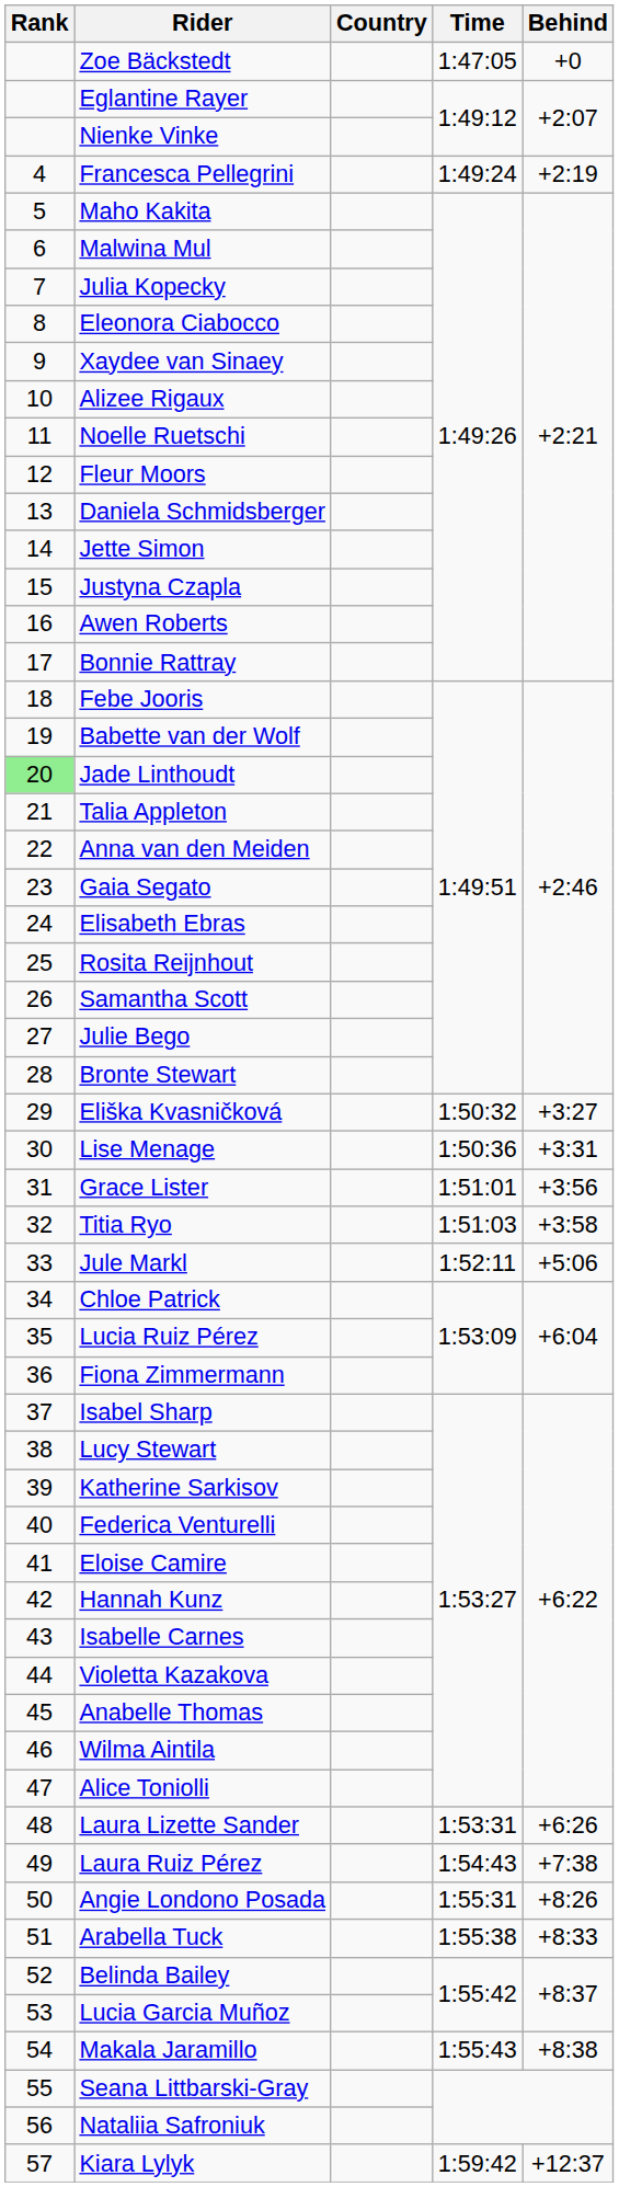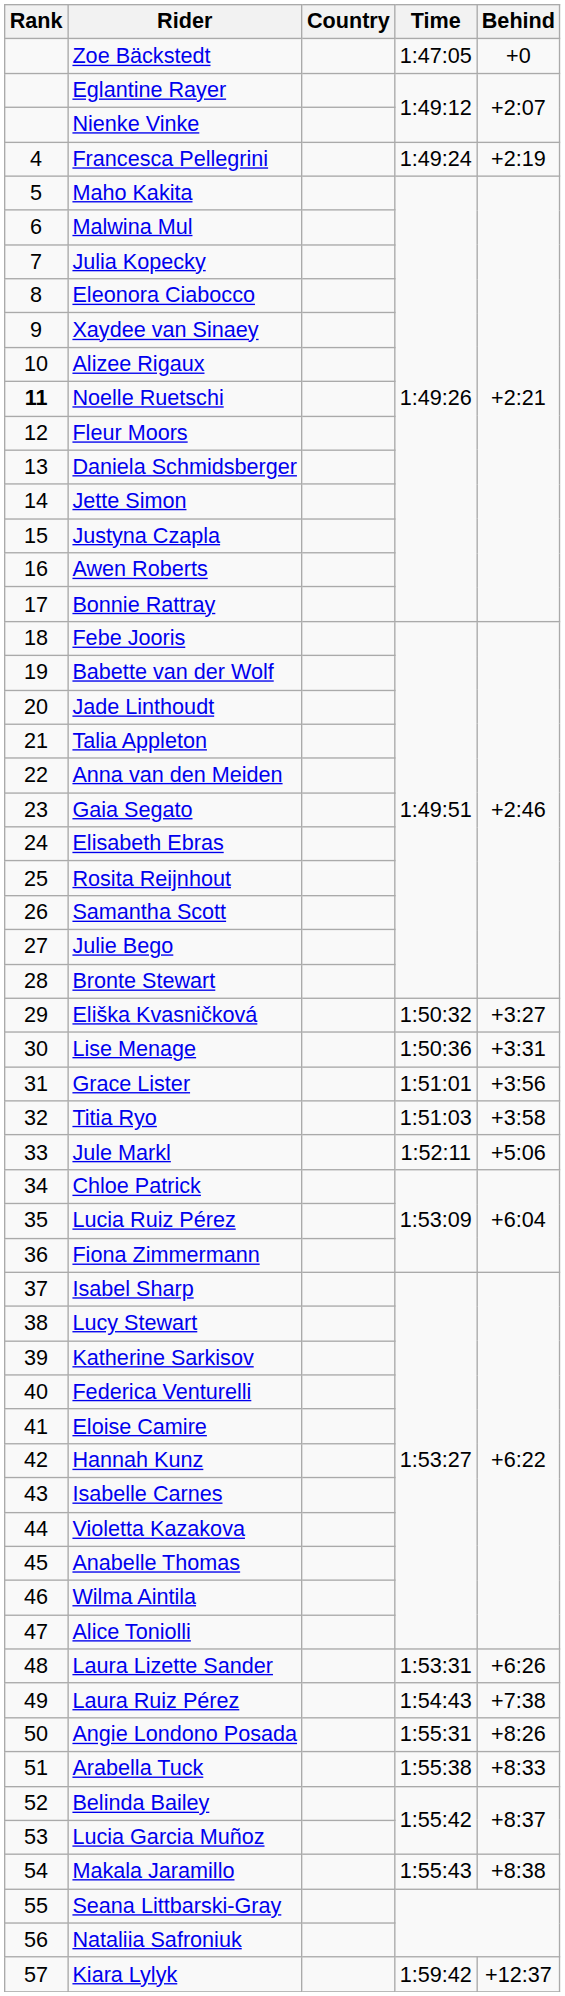 <table class="wikitable sortable" style="text-align: center"">
 <tr>
 <th>Rank</th>
 <th>Rider</th>
 <th>Country</th>
 <th>Time</th>
 <th>Behind</th>
 </tr>
 <tr>
 <td></td>
 <td align="left"><a href='#'>Zoe Bäckstedt</a></td>
 <td align="left"></td>
 <td>1:47:05</td>
 <td>+0</td>
 </tr>
 <tr>
 <td></td>
 <td align="left"><a href='#'>Eglantine Rayer</a></td>
 <td align="left"></td>
 <td rowspan=2>1:49:12</td>
 <td rowspan=2>+2:07</td>
 </tr>
 <tr>
 <td></td>
 <td align="left"><a href='#'>Nienke Vinke</a></td>
 <td align="left"></td>
 </tr>
 <tr>
 <td>4</td>
 <td align="left"><a href='#'>Francesca Pellegrini</a></td>
 <td align="left"></td>
 <td>1:49:24</td>
 <td>+2:19</td>
 </tr>
 <tr>
 <td>5</td>
 <td align="left"><a href='#'>Maho Kakita</a></td>
 <td align="left"></td>
 <td rowspan=13>1:49:26</td>
 <td rowspan=13>+2:21</td>
 </tr>
 <tr>
 <td>6</td>
 <td align="left"><a href='#'>Malwina Mul</a></td>
 <td align="left"></td>
 </tr>
 <tr>
 <td>7</td>
 <td align="left"><a href='#'>Julia Kopecky</a></td>
 <td align="left"></td>
 </tr>
 <tr>
 <td>8</td>
 <td align="left"><a href='#'>Eleonora Ciabocco</a></td>
 <td align="left"></td>
 </tr>
 <tr>
 <td>9</td>
 <td align="left"><a href='#'>Xaydee van Sinaey</a></td>
 <td align="left"></td>
 </tr>
 <tr>
 <td>10</td>
 <td align="left"><a href='#'>Alizee Rigaux</a></td>
 <td align="left"></td>
 </tr>
 <tr>
-<td>11</td>
+<td><strong>11</strong></td>
 <td align="left"><a href='#'>Noelle Ruetschi</a></td>
 <td align="left"></td>
 </tr>
 <tr>
 <td>12</td>
 <td align="left"><a href='#'>Fleur Moors</a></td>
 <td align="left"></td>
 </tr>
 <tr>
 <td>13</td>
 <td align="left"><a href='#'>Daniela Schmidsberger</a></td>
 <td align="left"></td>
 </tr>
 <tr>
 <td>14</td>
 <td align="left"><a href='#'>Jette Simon</a></td>
 <td align="left"></td>
 </tr>
 <tr>
 <td>15</td>
 <td align="left"><a href='#'>Justyna Czapla</a></td>
 <td align="left"></td>
 </tr>
 <tr>
 <td>16</td>
 <td align="left"><a href='#'>Awen Roberts</a></td>
 <td align="left"></td>
 </tr>
 <tr>
 <td>17</td>
 <td align="left"><a href='#'>Bonnie Rattray</a></td>
 <td align="left"></td>
 </tr>
 <tr>
 <td>18</td>
 <td align="left"><a href='#'>Febe Jooris</a></td>
 <td align="left"></td>
 <td rowspan=11>1:49:51</td>
 <td rowspan=11>+2:46</td>
 </tr>
 <tr>
 <td>19</td>
 <td align="left"><a href='#'>Babette van der Wolf</a></td>
 <td align="left"></td>
 </tr>
 <tr>
-<td style="background: lightgreen;">20</td>
+<td>20</td>
 <td align="left"><a href='#'>Jade Linthoudt</a></td>
 <td align="left"></td>
 </tr>
 <tr>
 <td>21</td>
 <td align="left"><a href='#'>Talia Appleton</a></td>
 <td align="left"></td>
 </tr>
 <tr>
 <td>22</td>
 <td align="left"><a href='#'>Anna van den Meiden</a></td>
 <td align="left"></td>
 </tr>
 <tr>
 <td>23</td>
 <td align="left"><a href='#'>Gaia Segato</a></td>
 <td align="left"></td>
 </tr>
 <tr>
 <td>24</td>
 <td align="left"><a href='#'>Elisabeth Ebras</a></td>
 <td align="left"></td>
 </tr>
 <tr>
 <td>25</td>
 <td align="left"><a href='#'>Rosita Reijnhout</a></td>
 <td align="left"></td>
 </tr>
 <tr>
 <td>26</td>
 <td align="left"><a href='#'>Samantha Scott</a></td>
 <td align="left"></td>
 </tr>
 <tr>
 <td>27</td>
 <td align="left"><a href='#'>Julie Bego</a></td>
 <td align="left"></td>
 </tr>
 <tr>
 <td>28</td>
 <td align="left"><a href='#'>Bronte Stewart</a></td>
 <td align="left"></td>
 </tr>
 <tr>
 <td>29</td>
 <td align="left"><a href='#'>Eliška Kvasničková</a></td>
 <td align="left"></td>
 <td>1:50:32</td>
 <td>+3:27</td>
 </tr>
 <tr>
 <td>30</td>
 <td align="left"><a href='#'>Lise Menage</a></td>
 <td align="left"></td>
 <td>1:50:36</td>
 <td>+3:31</td>
 </tr>
 <tr>
 <td>31</td>
 <td align="left"><a href='#'>Grace Lister</a></td>
 <td align="left"></td>
 <td>1:51:01</td>
 <td>+3:56</td>
 </tr>
 <tr>
 <td>32</td>
 <td align="left"><a href='#'>Titia Ryo</a></td>
 <td align="left"></td>
 <td>1:51:03</td>
 <td>+3:58</td>
 </tr>
 <tr>
 <td>33</td>
 <td align="left"><a href='#'>Jule Markl</a></td>
 <td align="left"></td>
 <td>1:52:11</td>
 <td>+5:06</td>
 </tr>
 <tr>
 <td>34</td>
 <td align="left"><a href='#'>Chloe Patrick</a></td>
 <td align="left"></td>
 <td rowspan=3>1:53:09</td>
 <td rowspan=3>+6:04</td>
 </tr>
 <tr>
 <td>35</td>
 <td align="left"><a href='#'>Lucia Ruiz Pérez</a></td>
 <td align="left"></td>
 </tr>
 <tr>
 <td>36</td>
 <td align="left"><a href='#'>Fiona Zimmermann</a></td>
 <td align="left"></td>
 </tr>
 <tr>
 <td>37</td>
 <td align="left"><a href='#'>Isabel Sharp</a></td>
 <td align="left"></td>
 <td rowspan=11>1:53:27</td>
 <td rowspan=11>+6:22</td>
 </tr>
 <tr>
 <td>38</td>
 <td align="left"><a href='#'>Lucy Stewart</a></td>
 <td align="left"></td>
 </tr>
 <tr>
 <td>39</td>
 <td align="left"><a href='#'>Katherine Sarkisov</a></td>
 <td align="left"></td>
 </tr>
 <tr>
 <td>40</td>
 <td align="left"><a href='#'>Federica Venturelli</a></td>
 <td align="left"></td>
 </tr>
 <tr>
 <td>41</td>
 <td align="left"><a href='#'>Eloise Camire</a></td>
 <td align="left"></td>
 </tr>
 <tr>
 <td>42</td>
 <td align="left"><a href='#'>Hannah Kunz</a></td>
 <td align="left"></td>
 </tr>
 <tr>
 <td>43</td>
 <td align="left"><a href='#'>Isabelle Carnes</a></td>
 <td align="left"></td>
 </tr>
 <tr>
 <td>44</td>
 <td align="left"><a href='#'>Violetta Kazakova</a></td>
 <td align="left"></td>
 </tr>
 <tr>
 <td>45</td>
 <td align="left"><a href='#'>Anabelle Thomas</a></td>
 <td align="left"></td>
 </tr>
 <tr>
 <td>46</td>
 <td align="left"><a href='#'>Wilma Aintila</a></td>
 <td align="left"></td>
 </tr>
 <tr>
 <td>47</td>
 <td align="left"><a href='#'>Alice Toniolli</a></td>
 <td align="left"></td>
 </tr>
 <tr>
 <td>48</td>
 <td align="left"><a href='#'>Laura Lizette Sander</a></td>
 <td align="left"></td>
 <td>1:53:31</td>
 <td>+6:26</td>
 </tr>
 <tr>
 <td>49</td>
 <td align="left"><a href='#'>Laura Ruiz Pérez</a></td>
 <td align="left"></td>
 <td>1:54:43</td>
 <td>+7:38</td>
 </tr>
 <tr>
 <td>50</td>
 <td align="left"><a href='#'>Angie Londono Posada</a></td>
 <td align="left"></td>
 <td>1:55:31</td>
 <td>+8:26</td>
 </tr>
 <tr>
 <td>51</td>
 <td align="left"><a href='#'>Arabella Tuck</a></td>
 <td align="left"></td>
 <td>1:55:38</td>
 <td>+8:33</td>
 </tr>
 <tr>
 <td>52</td>
 <td align="left"><a href='#'>Belinda Bailey</a></td>
 <td align="left"></td>
 <td rowspan=2>1:55:42</td>
 <td rowspan=2>+8:37</td>
 </tr>
 <tr>
 <td>53</td>
 <td align="left"><a href='#'>Lucia Garcia Muñoz</a></td>
 <td align="left"></td>
 </tr>
 <tr>
 <td>54</td>
 <td align="left"><a href='#'>Makala Jaramillo</a></td>
 <td align="left"></td>
 <td>1:55:43</td>
 <td>+8:38</td>
 </tr>
 <tr>
 <td>55</td>
 <td align="left"><a href='#'>Seana Littbarski-Gray</a></td>
 <td align="left"></td>
 </tr>
 <tr>
 <td>56</td>
 <td align="left"><a href='#'>Nataliia Safroniuk</a></td>
 <td align="left"></td>
 </tr>
 <tr>
 <td>57</td>
 <td align="left"><a href='#'>Kiara Lylyk</a></td>
 <td align="left"></td>
 <td>1:59:42</td>
 <td>+12:37</td>
 </tr>
 </table>
